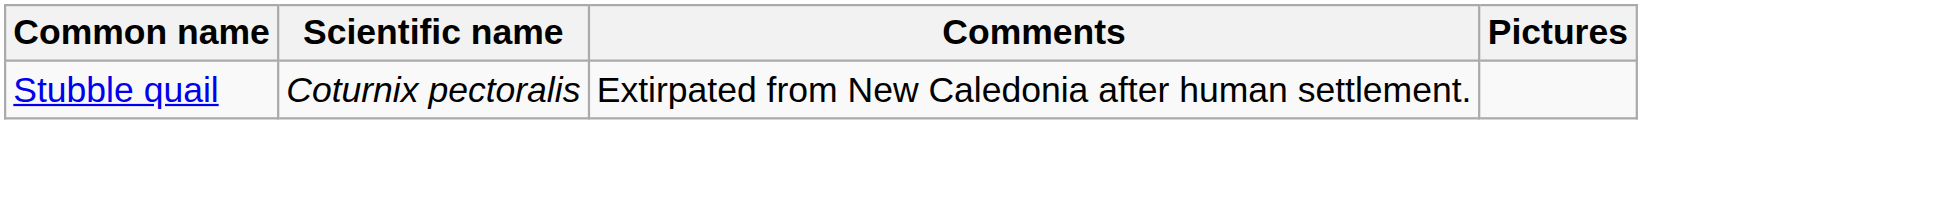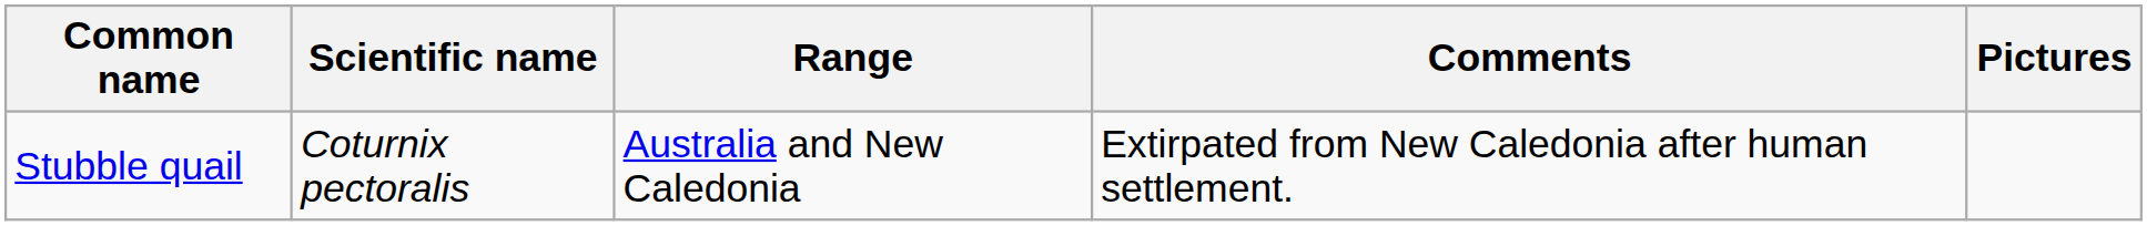 <table class="wikitable">
 <tr>
 <th>Common name</th>
 <th>Scientific name</th>
+<th>Range</th>
 <th class="unsortable">Comments</th>
 <th class="unsortable">Pictures</th>
 </tr>
 <tr>
 <td><a href='#'>Stubble quail</a></td>
 <td><em>Coturnix pectoralis</em></td>
+<td><a href='#'>Australia</a> and New Caledonia</td>
 <td>Extirpated from New Caledonia after human settlement.</td>
 <td></td>
 </tr>
 </table>
